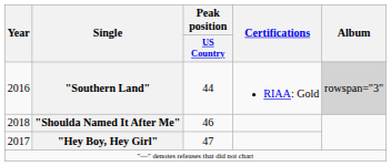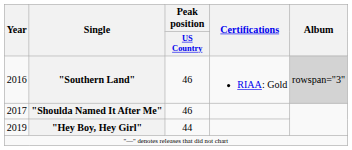 <table class="wikitable plainrowheaders" style="text-align:center;">
 <tr>
 <th rowspan="2">Year</th>
 <th rowspan="2" style="width:13em;">Single</th>
 <th>Peak<br>position</th>
 <th rowspan="2"><a href='#'>Certifications</a></th>
 <th rowspan="2">Album</th>
 </tr>
 <tr style="font-size:smaller;">
 <th width="65"><a href='#'>US<br>Country</a><br></th>
 </tr>
 <tr>
 <td>2016</td>
 <th scope="row">"Southern Land"<br></th>
-<td>44</td>
+<td>46</td>
 <td><br><ul><li><a href='#'>RIAA</a>: Gold</li></ul></td>
 <td style="background: lightgrey;">rowspan="3" </td>
 </tr>
 <tr>
-<td>2018</td>
+<td>2017</td>
 <th scope="row">"Shoulda Named It After Me"<br></th>
 <td>46</td>
 <td></td>
 </tr>
 <tr>
-<td>2017</td>
+<td>2019</td>
 <th scope="row">"Hey Boy, Hey Girl"<br></th>
-<td>47</td>
+<td>44</td>
 <td></td>
 </tr>
 <tr>
 <td colspan="7" style="font-size:8pt">"—" denotes releases that did not chart</td>
 </tr>
 </table>
